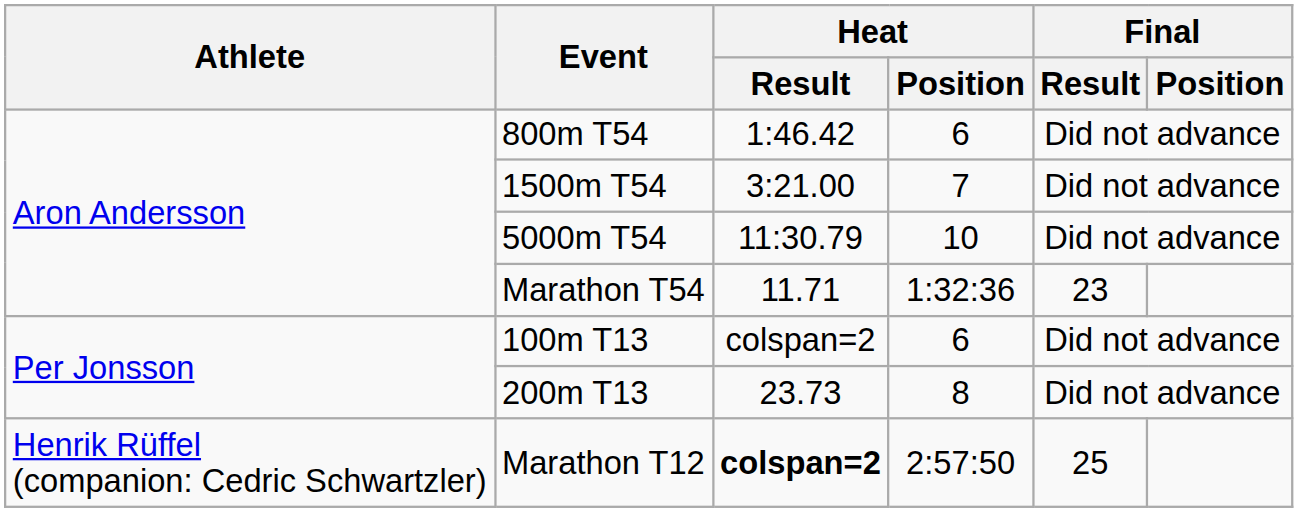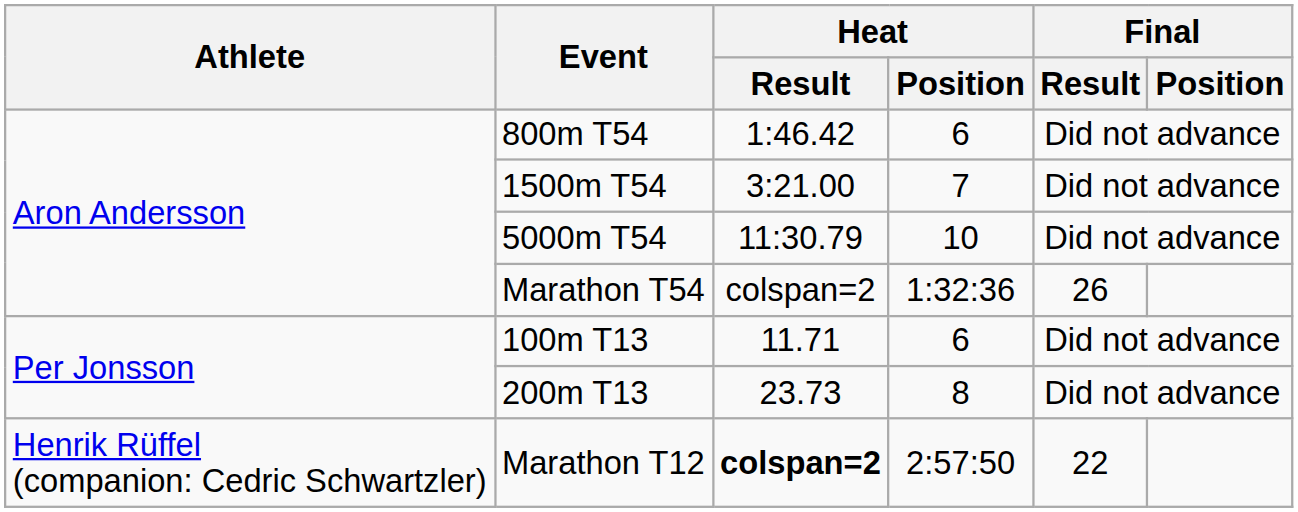 <table class=wikitable style="font-size:90%">
 <tr>
 <th rowspan="2">Athlete</th>
 <th rowspan="2">Event</th>
 <th colspan="2">Heat</th>
 <th colspan="2">Final</th>
 </tr>
 <tr>
 <th>Result</th>
 <th>Position</th>
 <th>Result</th>
 <th>Position</th>
 </tr>
 <tr align=center>
 <td align=left rowspan=4><a href='#'>Aron Andersson</a></td>
 <td align=left>800m T54</td>
 <td>1:46.42</td>
 <td>6</td>
 <td colspan=2>Did not advance</td>
 </tr>
 <tr align=center>
 <td align=left>1500m T54</td>
 <td>3:21.00</td>
 <td>7</td>
 <td colspan=2>Did not advance</td>
 </tr>
 <tr align=center>
 <td align=left>5000m T54</td>
 <td>11:30.79</td>
 <td>10</td>
 <td colspan="2">Did not advance</td>
 </tr>
 <tr align=center>
 <td align=left>Marathon T54</td>
-<td>11.71</td>
+<td>colspan=2 </td>
 <td>1:32:36</td>
-<td>23</td>
+<td>26</td>
 </tr>
 <tr align=center>
 <td align=left rowspan=2><a href='#'>Per Jonsson</a></td>
 <td align=left>100m T13</td>
-<td>colspan=2 </td>
+<td>11.71</td>
 <td>6</td>
 <td colspan=2>Did not advance</td>
 </tr>
 <tr align=center>
 <td align=left>200m T13</td>
 <td>23.73</td>
 <td>8</td>
 <td colspan=2>Did not advance</td>
 </tr>
 <tr align=center>
 <td align=left><a href='#'>Henrik Rüffel</a><br>(companion: Cedric Schwartzler)</td>
 <td align=left>Marathon T12</td>
 <td><strong>colspan=2 </strong></td>
 <td>2:57:50</td>
-<td>25</td>
+<td>22</td>
 </tr>
 </table>
